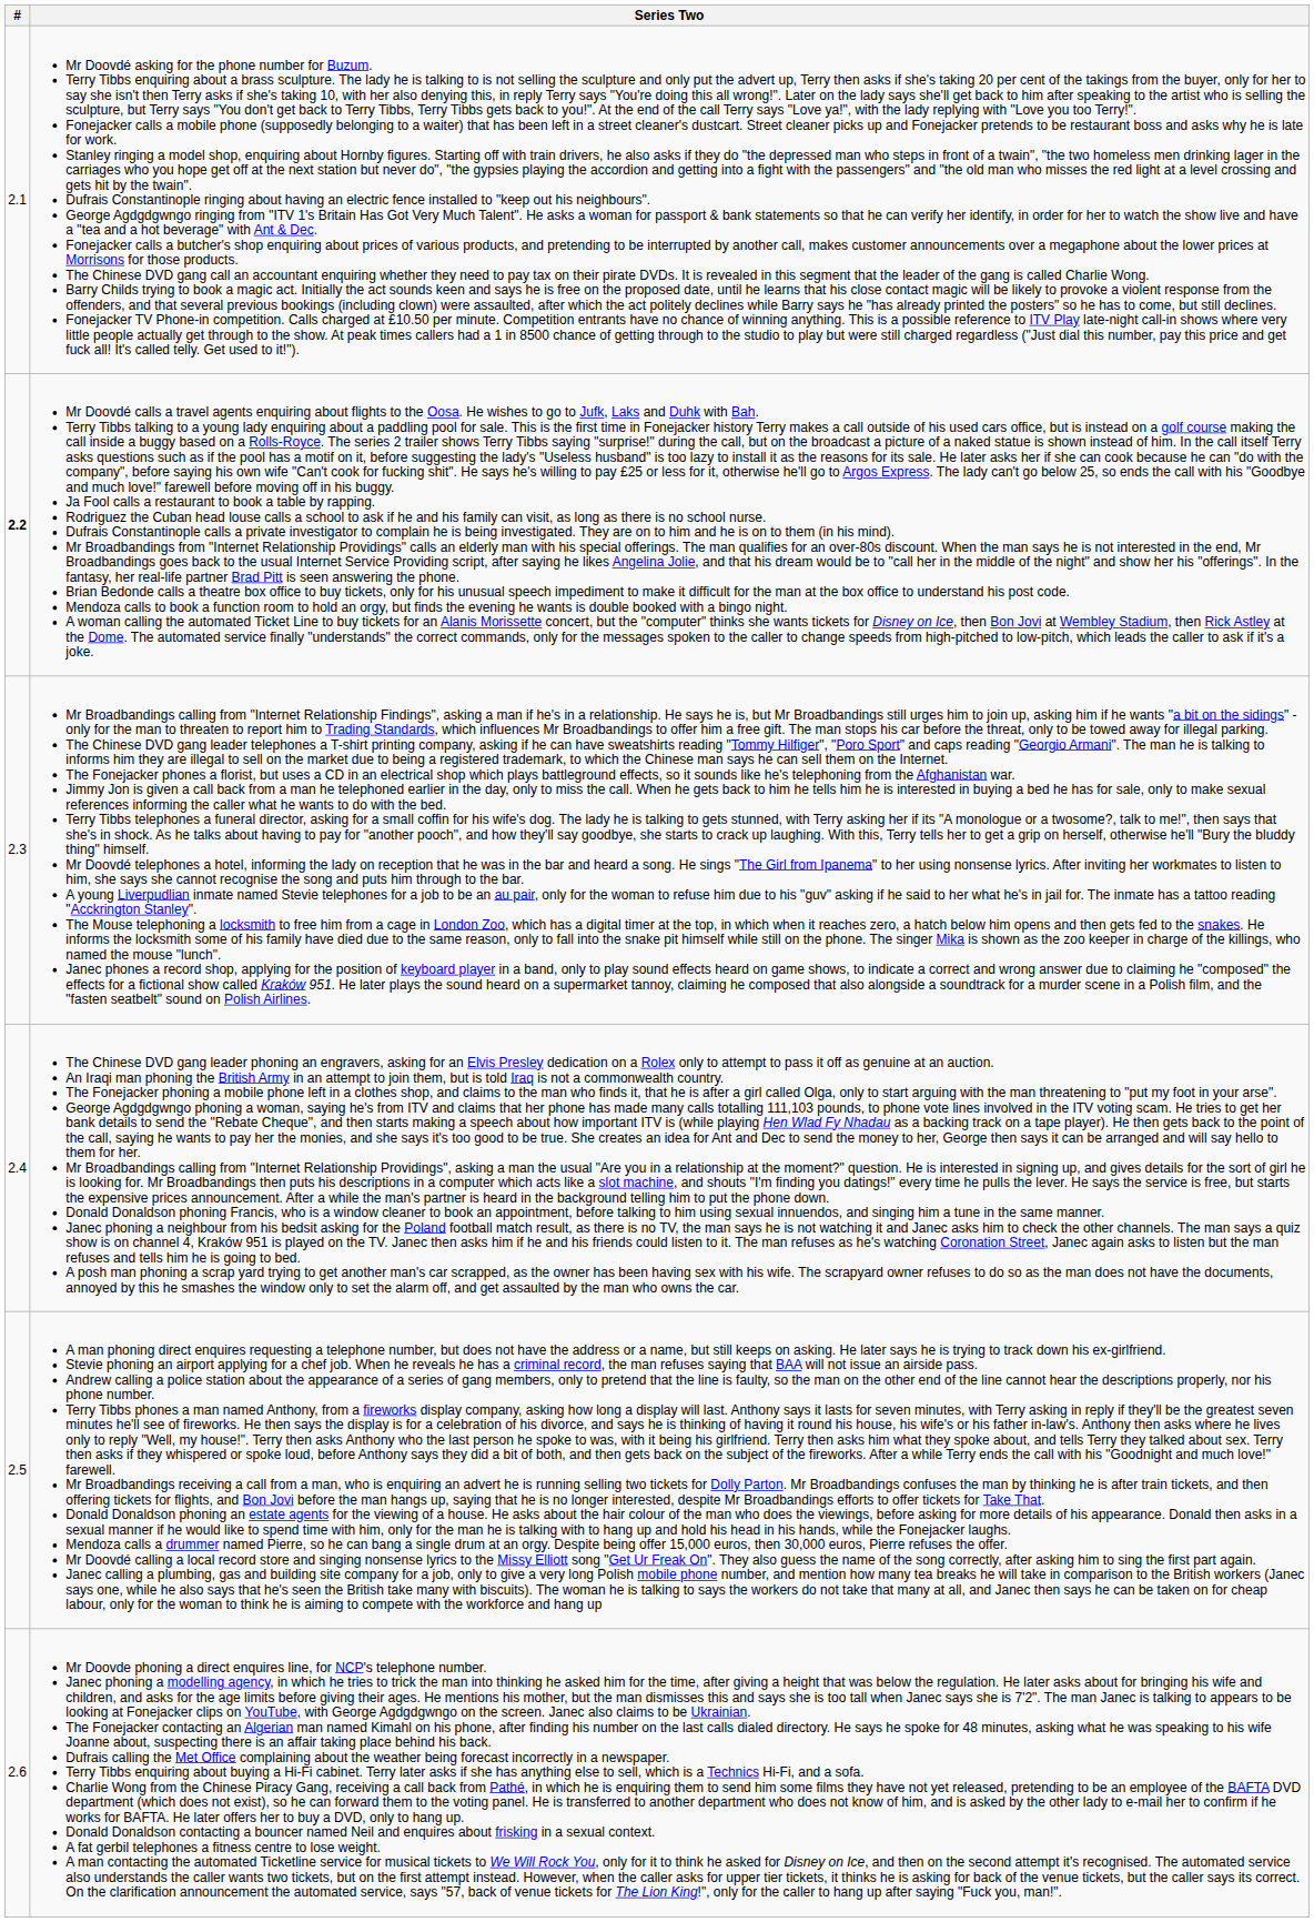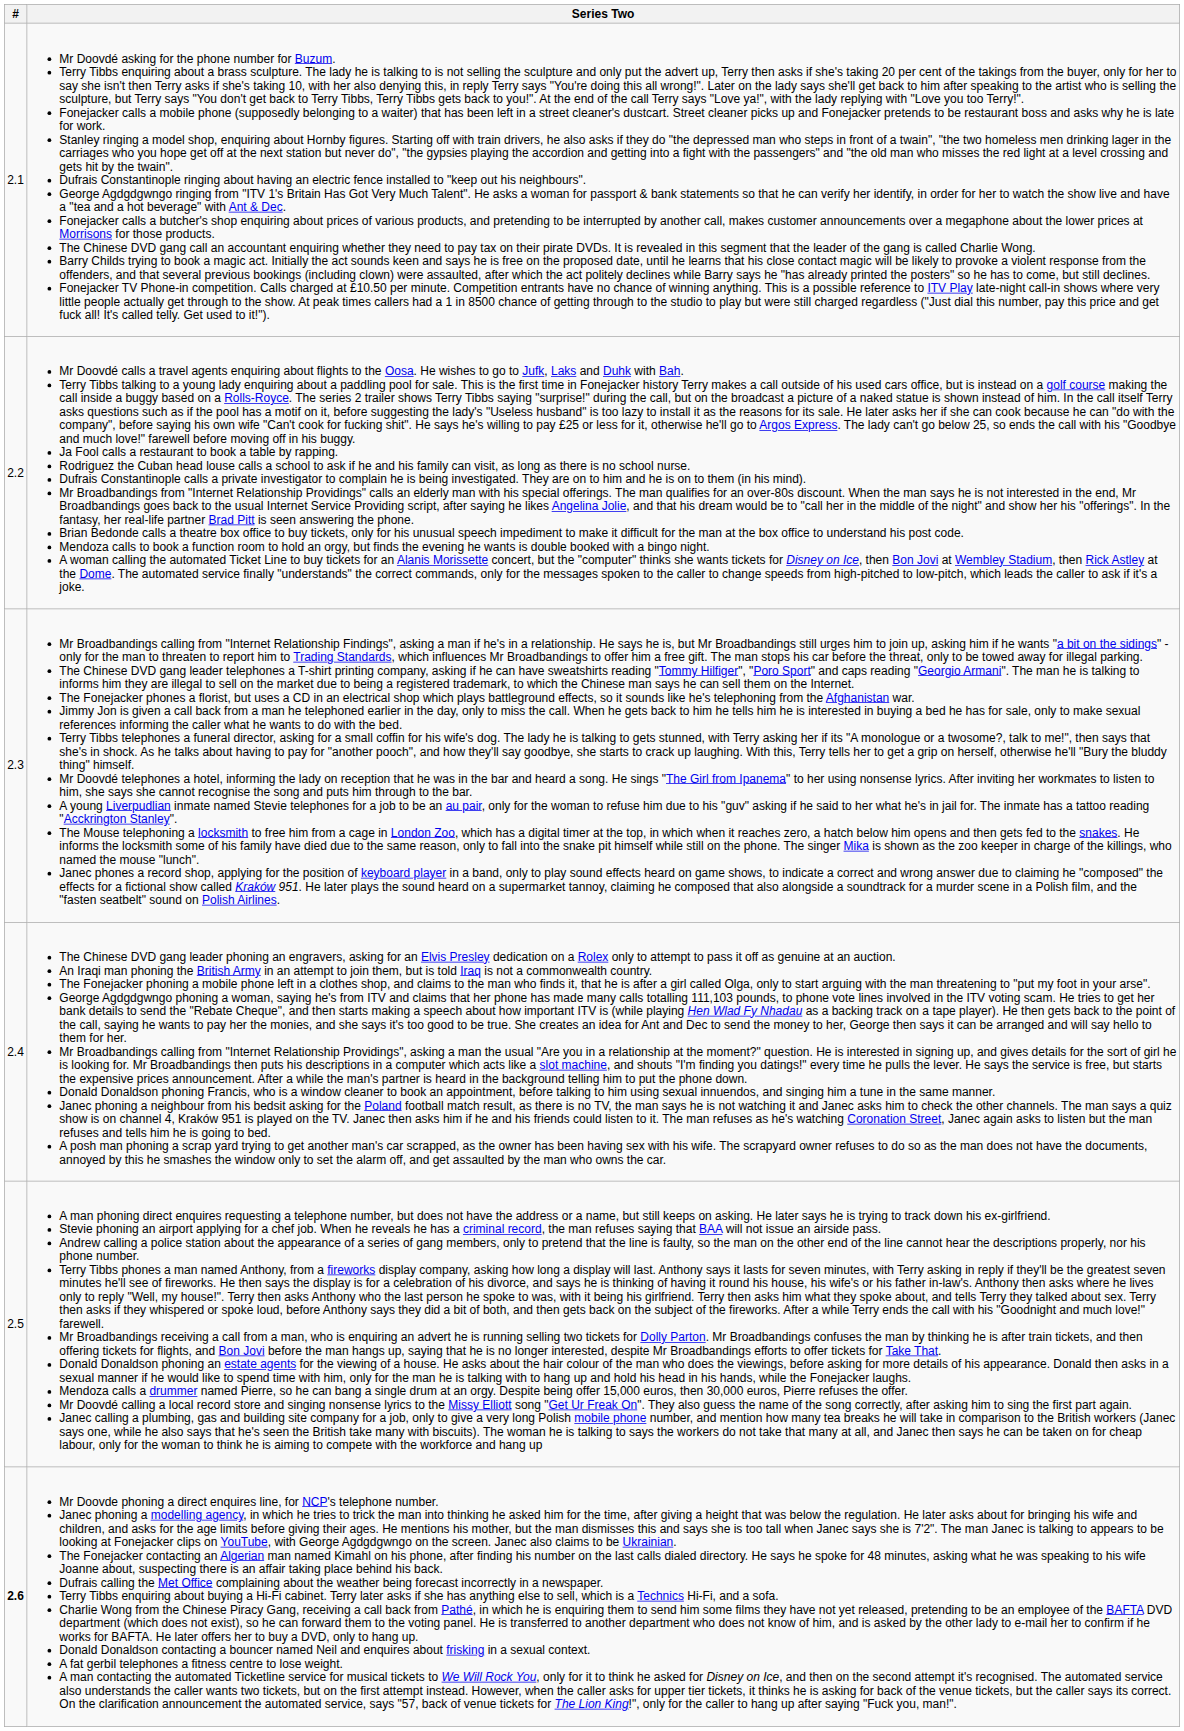 <table class="wikitable">
 <tr>
 <th>#</th>
 <th>Series Two</th>
 </tr>
 <tr>
 <td>2.1</td>
 <td><br><ul><li>Mr Doovdé asking for the phone number for <a href='#'>Buzum</a>.</li><li>Terry Tibbs enquiring about a brass sculpture. The lady he is talking to is not selling the sculpture and only put the advert up, Terry then asks if she's taking 20 per cent of the takings from the buyer, only for her to say she isn't then Terry asks if she's taking 10, with her also denying this, in reply Terry says "You're doing this all wrong!". Later on the lady says she'll get back to him after speaking to the artist who is selling the sculpture, but Terry says "You don't get back to Terry Tibbs, Terry Tibbs gets back to you!". At the end of the call Terry says "Love ya!", with the lady replying with "Love you too Terry!".</li><li>Fonejacker calls a mobile phone (supposedly belonging to a waiter) that has been left in a street cleaner's dustcart.  Street cleaner picks up and Fonejacker pretends to be restaurant boss and asks why he is late for work.</li><li>Stanley ringing a model shop, enquiring about Hornby figures. Starting off with train drivers, he also asks if they do "the depressed man who steps in front of a twain", "the two homeless men drinking lager in the carriages who you hope get off at the next station but never do", "the gypsies playing the accordion and getting into a fight with the passengers" and "the old man who misses the red light at a level crossing and gets hit by the twain".</li><li>Dufrais Constantinople ringing about having an electric fence installed to "keep out his neighbours".</li><li>George Agdgdgwngo ringing from "ITV 1's Britain Has Got Very Much Talent". He asks a woman for passport & bank statements so that he can verify her identify, in order for her to watch the show live and have a "tea and a hot beverage" with <a href='#'>Ant & Dec</a>.</li><li>Fonejacker calls a butcher's shop enquiring about prices of various products, and pretending to be interrupted by another call, makes customer announcements over a megaphone about the lower prices at <a href='#'>Morrisons</a> for those products.</li><li>The Chinese DVD gang call an accountant enquiring whether they need to pay tax on their pirate DVDs. It is revealed in this segment that the leader of the gang is called Charlie Wong.</li><li>Barry Childs trying to book a magic act. Initially the act sounds keen and says he is free on the proposed date, until he learns that his close contact magic will be likely to provoke a violent response from the offenders, and that several previous bookings (including clown) were assaulted, after which the act politely declines while Barry says he "has already printed the posters" so he has to come, but still declines.</li><li>Fonejacker TV Phone-in competition. Calls charged at £10.50 per minute. Competition entrants have no chance of winning anything. This is a possible reference to <a href='#'>ITV Play</a> late-night call-in shows where very little people actually get through to the show. At peak times callers had a 1 in 8500 chance of getting through to the studio to play but were still charged regardless ("Just dial this number, pay this price and get fuck all! It's called telly. Get used to it!").</li></ul></td>
 </tr>
 <tr>
-<td><strong>2.2</strong></td>
+<td>2.2</td>
 <td><br><ul><li>Mr Doovdé calls a travel agents enquiring about flights to the <a href='#'>Oosa</a>. He wishes to go to <a href='#'>Jufk</a>, <a href='#'>Laks</a> and <a href='#'>Duhk</a> with <a href='#'>Bah</a>.</li><li>Terry Tibbs talking to a young lady enquiring about a paddling pool for sale. This is the first time in Fonejacker history Terry makes a call outside of his used cars office, but is instead on a <a href='#'>golf course</a> making the call inside a buggy based on a <a href='#'>Rolls-Royce</a>. The series 2 trailer shows Terry Tibbs saying "surprise!" during the call, but on the broadcast a picture of a naked statue is shown instead of him. In the call itself Terry asks questions such as if the pool has a motif on it, before suggesting the lady's "Useless husband" is too lazy to install it as the reasons for its sale. He later asks her if she can cook because he can "do with the company", before saying his own wife "Can't cook for fucking shit". He says he's willing to pay £25 or less for it, otherwise he'll go to <a href='#'>Argos Express</a>. The lady can't go below 25, so ends the call with his "Goodbye and much love!" farewell before moving off in his buggy.</li><li>Ja Fool calls a restaurant to book a table by rapping.</li><li>Rodriguez the Cuban head louse calls a school to ask if he and his family can visit, as long as there is no school nurse.</li><li>Dufrais Constantinople calls a private investigator to complain he is being investigated. They are on to him and he is on to them (in his mind).</li><li>Mr Broadbandings from "Internet Relationship Providings" calls an elderly man with his special offerings. The man qualifies for an over-80s discount.  When the man says he is not interested in the end, Mr Broadbandings goes back to the usual Internet Service Providing script, after saying he likes <a href='#'>Angelina Jolie</a>, and that his dream would be to "call her in the middle of the night" and show her his "offerings". In the fantasy, her real-life partner <a href='#'>Brad Pitt</a> is seen answering the phone.</li><li>Brian Bedonde calls a theatre box office to buy tickets, only for his unusual speech impediment to make it difficult for the man at the box office to understand his post code.</li><li>Mendoza calls to book a function room to hold an orgy, but finds the evening he wants is double booked with a bingo night.</li><li>A woman calling the automated Ticket Line to buy tickets for an <a href='#'>Alanis Morissette</a> concert, but the "computer" thinks she wants tickets for <em><a href='#'>Disney on Ice</a></em>, then <a href='#'>Bon Jovi</a> at <a href='#'>Wembley Stadium</a>, then <a href='#'>Rick Astley</a> at the <a href='#'>Dome</a>. The automated service finally "understands" the correct commands, only for the messages spoken to the caller to change speeds from high-pitched to low-pitch, which leads the caller to ask if it's a joke.</li></ul></td>
 </tr>
 <tr>
 <td>2.3</td>
 <td><br><ul><li>Mr Broadbandings calling from "Internet Relationship Findings", asking a man if he's in a relationship. He says he is, but Mr Broadbandings still urges him to join up, asking him if he wants "<a href='#'>a bit on the sidings</a>" - only for the man to threaten to report him to <a href='#'>Trading Standards</a>, which influences Mr Broadbandings to offer him a free gift. The man stops his car before the threat, only to be towed away for illegal parking.</li><li>The Chinese DVD gang leader telephones a T-shirt printing company, asking if he can have sweatshirts reading "<a href='#'>Tommy Hilfiger</a>", "<a href='#'>Poro Sport</a>" and caps reading "<a href='#'>Georgio Armani</a>". The man he is talking to informs him they are illegal to sell on the market due to being a registered trademark, to which the Chinese man says he can sell them on the Internet.</li><li>The Fonejacker phones a florist, but uses a CD in an electrical shop which plays battleground effects, so it sounds like he's telephoning from the <a href='#'>Afghanistan</a> war.</li><li>Jimmy Jon is given a call back from a man he telephoned earlier in the day, only to miss the call. When he gets back to him he tells him he is interested in buying a bed he has for sale, only to make sexual references informing the caller what he wants to do with the bed.</li><li>Terry Tibbs telephones a funeral director, asking for a small coffin for his wife's dog. The lady he is talking to gets stunned, with Terry asking her if its "A monologue or a twosome?, talk to me!", then says that she's in shock. As he talks about having to pay for "another pooch", and how they'll say goodbye, she starts to crack up laughing. With this, Terry tells her to get a grip on herself, otherwise he'll "Bury the bluddy thing" himself.</li><li>Mr Doovdé telephones a hotel, informing the lady on reception that he was in the bar and heard a song. He sings "<a href='#'>The Girl from Ipanema</a>" to her using nonsense lyrics. After inviting her workmates to listen to him, she says she cannot recognise the song and puts him through to the bar.</li><li>A young <a href='#'>Liverpudlian</a> inmate named Stevie telephones for a job to be an <a href='#'>au pair</a>, only for the woman to refuse him due to his "guv" asking if he said to her what he's in jail for. The inmate has a tattoo reading "<a href='#'>Acckrington Stanley</a>".</li><li>The Mouse telephoning a <a href='#'>locksmith</a> to free him from a cage in <a href='#'>London Zoo</a>, which has a digital timer at the top, in which when it reaches zero, a hatch below him opens and then gets fed to the <a href='#'>snakes</a>. He informs the locksmith some of his family have died due to the same reason, only to fall into the snake pit himself while still on the phone. The singer <a href='#'>Mika</a> is shown as the zoo keeper in charge of the killings, who named the mouse "lunch".</li><li>Janec phones a record shop, applying for the position of <a href='#'>keyboard player</a> in a band, only to play sound effects heard on game shows, to indicate a correct and wrong answer due to claiming he "composed" the effects for a fictional show called <em><a href='#'>Kraków</a> 951</em>. He later plays the sound heard on a supermarket tannoy, claiming he composed that also alongside a soundtrack for a murder scene in a Polish film, and the "fasten seatbelt" sound on <a href='#'>Polish Airlines</a>.</li></ul></td>
 </tr>
 <tr>
 <td>2.4</td>
 <td><br><ul><li>The Chinese DVD gang leader phoning an engravers, asking for an <a href='#'>Elvis Presley</a> dedication on a <a href='#'>Rolex</a> only to attempt to pass it off as genuine at an auction.</li><li>An Iraqi man phoning the <a href='#'>British Army</a> in an attempt to join them, but is told <a href='#'>Iraq</a> is not a commonwealth country.</li><li>The Fonejacker phoning a mobile phone left in a clothes shop, and claims to the man who finds it, that he is after a girl called Olga, only to start arguing with the man threatening to "put my foot in your arse".</li><li>George Agdgdgwngo phoning a woman, saying he's from ITV and claims that her phone has made many calls totalling 111,103 pounds, to phone vote lines involved in the ITV voting scam. He tries to get her bank details to send the "Rebate Cheque", and then starts making a speech about how important ITV is (while playing <em><a href='#'>Hen Wlad Fy Nhadau</a></em> as a backing track on a tape player). He then gets back to the point of the call, saying he wants to pay her the monies, and she says it's too good to be true. She creates an idea for Ant and Dec to send the money to her, George then says it can be arranged and will say hello to them for her.</li><li>Mr Broadbandings calling from "Internet Relationship Providings", asking a man the usual "Are you in a relationship at the moment?" question. He is interested in signing up, and gives details for the sort of girl he is looking for. Mr Broadbandings then puts his descriptions in a computer which acts like a <a href='#'>slot machine</a>, and shouts "I'm finding you datings!" every time he pulls the lever. He says the service is free, but starts the expensive prices announcement. After a while the man's partner is heard in the background telling him to put the phone down.</li><li>Donald Donaldson phoning Francis, who is a window cleaner to book an appointment, before talking to him using sexual innuendos, and singing him a tune in the same manner.</li><li>Janec phoning a neighbour from his bedsit asking for the <a href='#'>Poland</a> football match result, as there is no TV, the man says he is not watching it and Janec asks him to check the other channels. The man says a quiz show is on channel 4, Kraków 951 is played on the TV. Janec then asks him if he and his friends could listen to it. The man refuses as he's watching <a href='#'>Coronation Street</a>, Janec again asks to listen but the man refuses and tells him he is going to bed.</li><li>A posh man phoning a scrap yard trying to get another man's car scrapped, as the owner has been having sex with his wife. The scrapyard owner refuses to do so as the man does not have the documents, annoyed by this he smashes the window only to set the alarm off, and get assaulted by the man who owns the car.</li></ul></td>
 </tr>
 <tr>
 <td>2.5</td>
 <td><br><ul><li>A man phoning direct enquires requesting a telephone number, but does not have the address or a name, but still keeps on asking. He later says he is trying to track down his ex-girlfriend.</li><li>Stevie phoning an airport applying for a chef job. When he reveals he has a <a href='#'>criminal record</a>, the man refuses saying that <a href='#'>BAA</a> will not issue an airside pass.</li><li>Andrew calling a police station about the appearance of a series of gang members, only to pretend that the line is faulty, so the man on the other end of the line cannot hear the descriptions properly, nor his phone number.</li><li>Terry Tibbs phones a man named Anthony, from a <a href='#'>fireworks</a> display company, asking how long a display will last. Anthony says it lasts for seven minutes, with Terry asking in reply if they'll be the greatest seven minutes he'll see of fireworks. He then says the display is for a celebration of his divorce, and says he is thinking of having it round his house, his wife's or his father in-law's. Anthony then asks where he lives only to reply "Well, my house!". Terry then asks Anthony who the last person he spoke to was, with it being his girlfriend. Terry then asks him what they spoke about, and tells Terry they talked about sex. Terry then asks if they whispered or spoke loud, before Anthony says they did a bit of both, and then gets back on the subject of the fireworks. After a while Terry ends the call with his "Goodnight and much love!" farewell.</li><li>Mr Broadbandings receiving a call from a man, who is enquiring an advert he is running selling two tickets for <a href='#'>Dolly Parton</a>. Mr Broadbandings confuses the man by thinking he is after train tickets, and then offering tickets for flights, and <a href='#'>Bon Jovi</a> before the man hangs up, saying that he is no longer interested, despite Mr Broadbandings efforts to offer tickets for <a href='#'>Take That</a>.</li><li>Donald Donaldson phoning an <a href='#'>estate agents</a> for the viewing of a house. He asks about the hair colour of the man who does the viewings, before asking for more details of his appearance. Donald then asks in a sexual manner if he would like to spend time with him, only for the man he is talking with to hang up and hold his head in his hands, while the Fonejacker laughs.</li><li>Mendoza calls a <a href='#'>drummer</a> named Pierre, so he can bang a single drum at an orgy. Despite being offer 15,000 euros, then 30,000 euros, Pierre refuses the offer.</li><li>Mr Doovdé calling a local record store and singing nonsense lyrics to the <a href='#'>Missy Elliott</a> song "<a href='#'>Get Ur Freak On</a>". They also guess the name of the song correctly, after asking him to sing the first part again.</li><li>Janec calling a plumbing, gas and building site company for a job, only to give a very long Polish <a href='#'>mobile phone</a> number, and mention how many tea breaks he will take in comparison to the British workers (Janec says one, while he also says that he's seen the British take many with biscuits). The woman he is talking to says the workers do not take that many at all, and Janec then says he can be taken on for cheap labour, only for the woman to think he is aiming to compete with the workforce and hang up</li></ul></td>
 </tr>
 <tr>
-<td>2.6</td>
+<td><strong>2.6</strong></td>
 <td><br><ul><li>Mr Doovde phoning a direct enquires line, for <a href='#'>NCP</a>'s telephone number.</li><li>Janec phoning a <a href='#'>modelling agency</a>, in which he tries to trick the man into thinking he asked him for the time, after giving a height that was below the regulation. He later asks about for bringing his wife and children, and asks for the age limits before giving their ages. He mentions his mother, but the man dismisses this and says she is too tall when Janec says she is 7'2". The man Janec is talking to appears to be looking at Fonejacker clips on <a href='#'>YouTube</a>, with George Agdgdgwngo on the screen. Janec also claims to be <a href='#'>Ukrainian</a>.</li><li>The Fonejacker contacting an <a href='#'>Algerian</a> man named Kimahl on his phone, after finding his number on the last calls dialed directory. He says he spoke for 48 minutes, asking what he was speaking to his wife Joanne about, suspecting there is an affair taking place behind his back.</li><li>Dufrais calling the <a href='#'>Met Office</a> complaining about the weather being forecast incorrectly in a newspaper.</li><li>Terry Tibbs enquiring about buying a Hi-Fi cabinet. Terry later asks if she has anything else to sell, which is a <a href='#'>Technics</a> Hi-Fi, and a sofa.</li><li>Charlie Wong from the Chinese Piracy Gang, receiving a call back from <a href='#'>Pathé</a>, in which he is enquiring them to send him some films they have not yet released, pretending to be an employee of the <a href='#'>BAFTA</a> DVD department (which does not exist), so he can forward them to the voting panel. He is transferred to another department who does not know of him, and is asked by the other lady to e-mail her to confirm if he works for BAFTA. He later offers her to buy a DVD, only to hang up.</li><li>Donald Donaldson contacting a bouncer named Neil and enquires about <a href='#'>frisking</a> in a sexual context.</li><li>A fat gerbil telephones a fitness centre to lose weight.</li><li>A man contacting the automated Ticketline service for musical tickets to <em><a href='#'>We Will Rock You</a></em>, only for it to think he asked for <em>Disney on Ice</em>, and then on the second attempt it's recognised. The automated service also understands the caller wants two tickets, but on the first attempt instead. However, when the caller asks for upper tier tickets, it thinks he is asking for back of the venue tickets, but the caller says its correct. On the clarification announcement the automated service, says "57, back of venue tickets for <em><a href='#'>The Lion King</a></em>!", only for the caller to hang up after saying "Fuck you, man!".</li></ul></td>
 </tr>
 </table>
